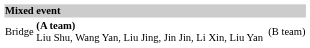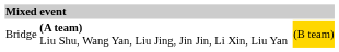 <table>
 <tr bgcolor="#cccccc">
 <td colspan=7><strong>Mixed event</strong></td>
 </tr>
 <tr>
 <td>Bridge</td>
 <td><strong> (A team)</strong><br>Liu Shu, Wang Yan, Liu Jing, Jin Jin, Li Xin, Liu Yan</td>
 <td></td>
-<td> (B team)</td>
+<td style="background: gold;"> (B team)</td>
 </tr>
 </table>
